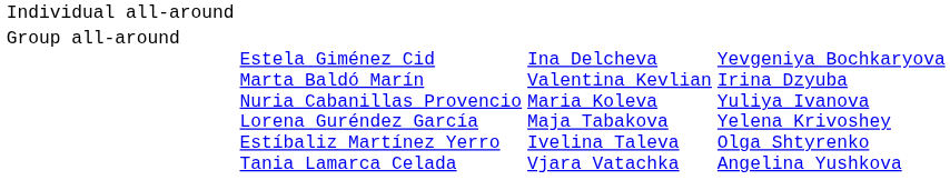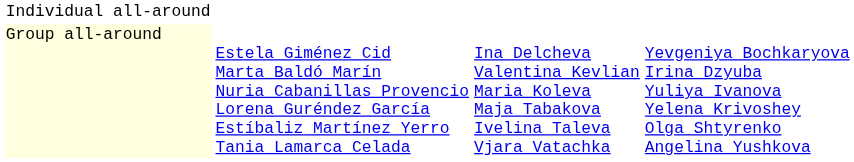 <table>
 <tr valign="top">
 <td>Individual all-around<br></td>
 <td></td>
 <td></td>
 <td></td>
 </tr>
 <tr valign="top">
-<td>Group all-around<br></td>
+<td style="background: lightyellow;">Group all-around<br></td>
 <td><br><a href='#'>Estela Giménez Cid</a><br><a href='#'>Marta Baldó Marín</a><br><a href='#'>Nuria Cabanillas Provencio</a><br><a href='#'>Lorena Guréndez García</a><br><a href='#'>Estíbaliz Martínez Yerro</a><br><a href='#'>Tania Lamarca Celada</a></td>
 <td><br><a href='#'>Ina Delcheva</a><br><a href='#'>Valentina Kevlian</a><br><a href='#'>Maria Koleva</a><br><a href='#'>Maja Tabakova</a><br><a href='#'>Ivelina Taleva</a><br><a href='#'>Vjara Vatachka</a></td>
 <td><br><a href='#'>Yevgeniya Bochkaryova</a><br><a href='#'>Irina Dzyuba</a><br><a href='#'>Yuliya Ivanova</a><br><a href='#'>Yelena Krivoshey</a><br><a href='#'>Olga Shtyrenko</a><br><a href='#'>Angelina Yushkova</a></td>
 </tr>
 </table>
